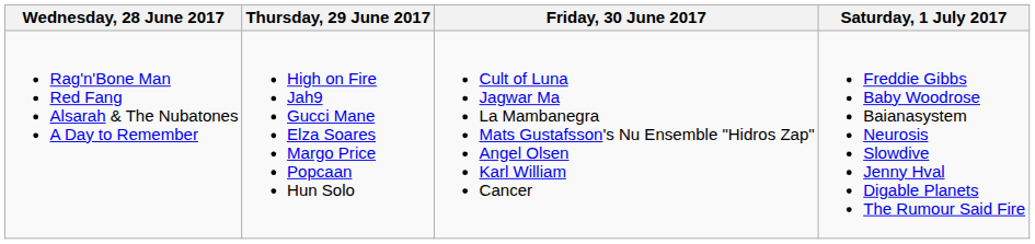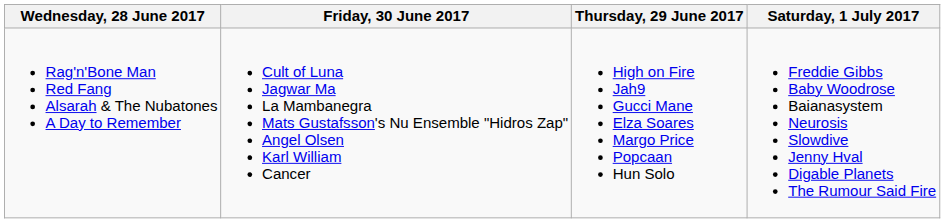 <table class="wikitable">
 <tr>
 <th>Wednesday, 28 June 2017</th>
+<th>Friday, 30 June 2017</th>
 <th>Thursday, 29 June 2017</th>
-<th>Friday, 30 June 2017</th>
 <th>Saturday, 1 July 2017</th>
 </tr>
 <tr valign="top">
 <td><br><ul><li><a href='#'>Rag'n'Bone Man</a></li><li><a href='#'>Red Fang</a></li><li><a href='#'>Alsarah</a> & The Nubatones</li><li><a href='#'>A Day to Remember</a></li></ul></td>
+<td><br><ul><li><a href='#'>Cult of Luna</a></li><li><a href='#'>Jagwar Ma</a></li><li>La Mambanegra</li><li><a href='#'>Mats Gustafsson</a>'s Nu Ensemble "Hidros Zap"</li><li><a href='#'>Angel Olsen</a></li><li><a href='#'>Karl William</a></li><li>Cancer</li></ul></td>
 <td><br><ul><li><a href='#'>High on Fire</a></li><li><a href='#'>Jah9</a></li><li><a href='#'>Gucci Mane</a></li><li><a href='#'>Elza Soares</a></li><li><a href='#'>Margo Price</a></li><li><a href='#'>Popcaan</a></li><li>Hun Solo</li></ul></td>
-<td><br><ul><li><a href='#'>Cult of Luna</a></li><li><a href='#'>Jagwar Ma</a></li><li>La Mambanegra</li><li><a href='#'>Mats Gustafsson</a>'s Nu Ensemble "Hidros Zap"</li><li><a href='#'>Angel Olsen</a></li><li><a href='#'>Karl William</a></li><li>Cancer</li></ul></td>
 <td><br><ul><li><a href='#'>Freddie Gibbs</a></li><li><a href='#'>Baby Woodrose</a></li><li>Baianasystem</li><li><a href='#'>Neurosis</a></li><li><a href='#'>Slowdive</a></li><li><a href='#'>Jenny Hval</a></li><li><a href='#'>Digable Planets</a></li><li><a href='#'>The Rumour Said Fire</a></li></ul></td>
 </tr>
 </table>
